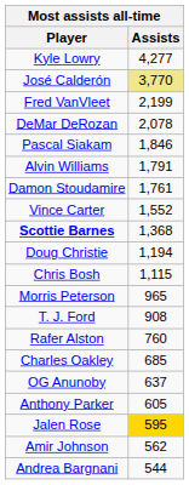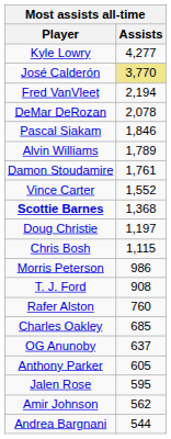 <table class="wikitable sortable" style="text-align:center">
 <tr>
 <th colspan="5">Most assists all-time</th>
 </tr>
 <tr>
 <th>Player</th>
 <th>Assists</th>
 </tr>
 <tr>
 <td [(basketball)><a href='#'>Kyle Lowry</a></td>
 <td>4,277</td>
 </tr>
 <tr>
 <td><a href='#'>José Calderón</a></td>
 <td style="background: khaki;">3,770</td>
 </tr>
 <tr>
 <td><a href='#'>Fred VanVleet</a></td>
-<td>2,199</td>
+<td>2,194</td>
 </tr>
 <tr>
 <td><a href='#'>DeMar DeRozan</a></td>
 <td>2,078</td>
 </tr>
 <tr>
 <td><a href='#'>Pascal Siakam</a></td>
 <td>1,846</td>
 </tr>
 <tr>
 <td><a href='#'>Alvin Williams</a></td>
-<td>1,791</td>
+<td>1,789</td>
 </tr>
 <tr>
 <td><a href='#'>Damon Stoudamire</a></td>
 <td>1,761</td>
 </tr>
 <tr>
 <td><a href='#'>Vince Carter</a></td>
 <td>1,552</td>
 </tr>
 <tr>
 <td><strong><a href='#'>Scottie Barnes</a></strong></td>
 <td>1,368</td>
 </tr>
 <tr>
 <td><a href='#'>Doug Christie</a></td>
-<td>1,194</td>
+<td>1,197</td>
 </tr>
 <tr>
 <td><a href='#'>Chris Bosh</a></td>
 <td>1,115</td>
 </tr>
 <tr>
 <td><a href='#'>Morris Peterson</a></td>
-<td>965</td>
+<td>986</td>
 </tr>
 <tr>
 <td><a href='#'>T. J. Ford</a></td>
 <td>908</td>
 </tr>
 <tr>
 <td><a href='#'>Rafer Alston</a></td>
 <td>760</td>
 </tr>
 <tr>
 <td><a href='#'>Charles Oakley</a></td>
 <td>685</td>
 </tr>
 <tr>
 <td><a href='#'>OG Anunoby</a></td>
 <td>637</td>
 </tr>
 <tr>
 <td><a href='#'>Anthony Parker</a></td>
 <td>605</td>
 </tr>
 <tr>
 <td><a href='#'>Jalen Rose</a></td>
-<td style="background: gold;">595</td>
+<td>595</td>
 </tr>
 <tr>
 <td><a href='#'>Amir Johnson</a></td>
 <td>562</td>
 </tr>
 <tr>
 <td><a href='#'>Andrea Bargnani</a></td>
 <td>544</td>
 </tr>
 </table>
